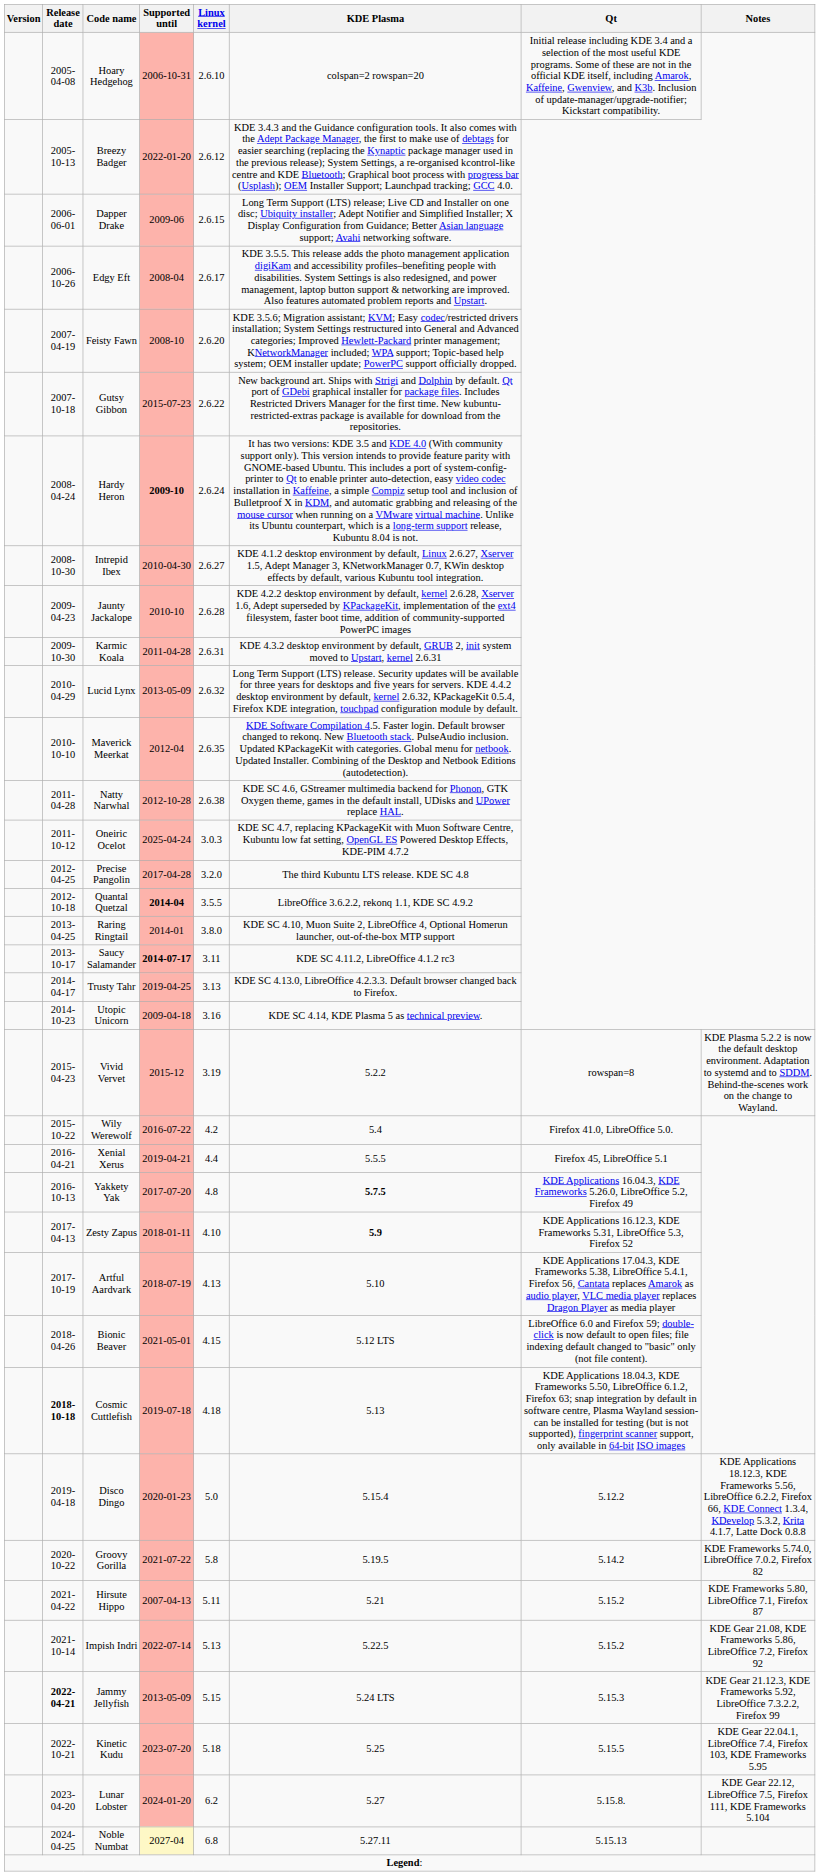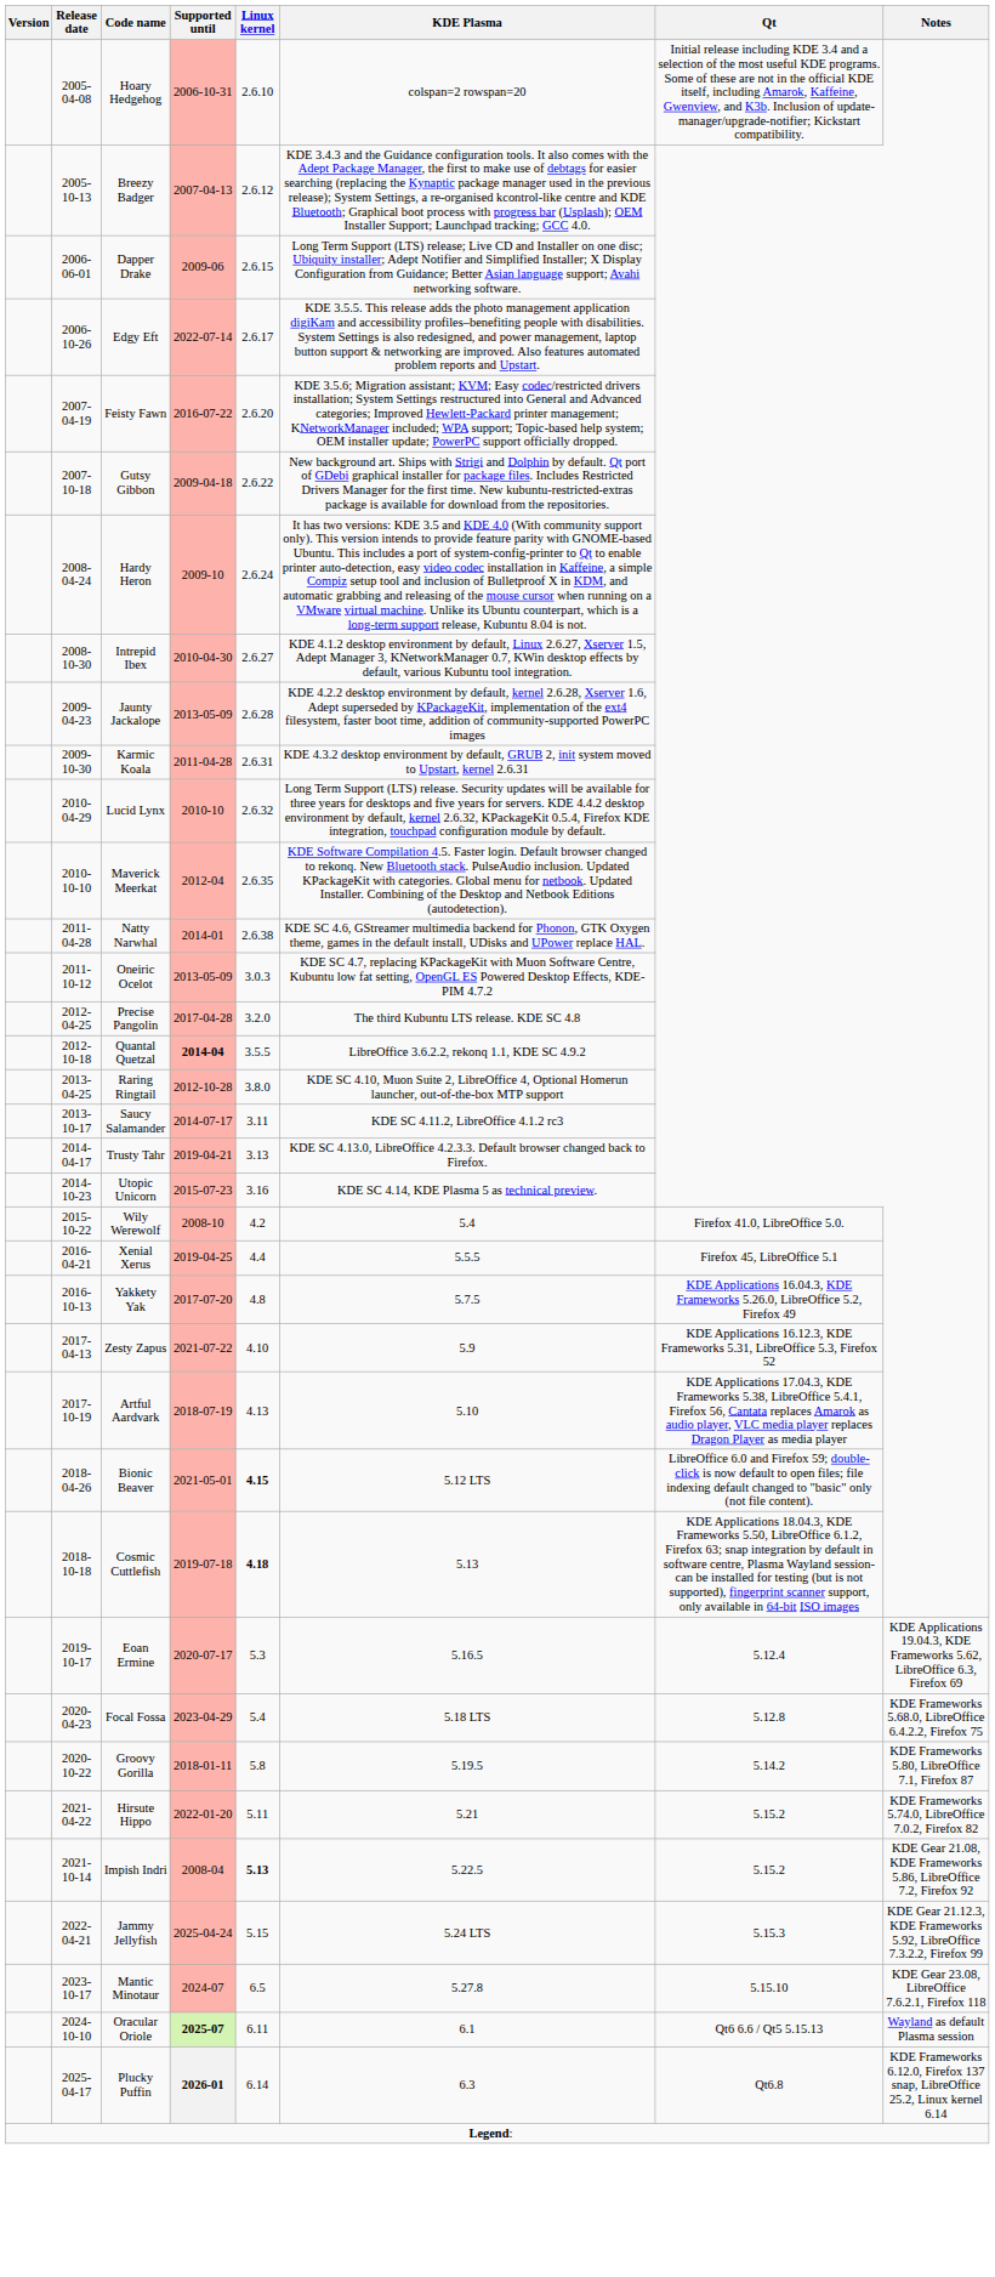 <table class=wikitable style=text-align:center>
 <tr>
 <th>Version</th>
 <th>Release date</th>
 <th>Code name</th>
 <th>Supported until</th>
 <th><a href='#'>Linux kernel</a></th>
 <th>KDE Plasma</th>
 <th>Qt</th>
 <th>Notes</th>
 </tr>
 <tr>
 <td></td>
 <td>2005-04-08</td>
 <td>Hoary Hedgehog</td>
 <td style=background:#fdb3ab>2006-10-31</td>
 <td>2.6.10</td>
 <td>colspan=2 rowspan=20 </td>
 <td>Initial release including KDE 3.4 and a selection of the most useful KDE programs. Some of these are not in the official KDE itself, including <a href='#'>Amarok</a>, <a href='#'>Kaffeine</a>, <a href='#'>Gwenview</a>, and <a href='#'>K3b</a>. Inclusion of update-manager/upgrade-notifier; Kickstart compatibility.</td>
 </tr>
 <tr>
 <td></td>
 <td>2005-10-13</td>
 <td>Breezy Badger</td>
-<td style=background:#fdb3ab>2022-01-20</td>
+<td style=background:#fdb3ab>2007-04-13</td>
 <td>2.6.12</td>
 <td>KDE 3.4.3 and the Guidance configuration tools. It also comes with the <a href='#'>Adept Package Manager</a>, the first to make use of <a href='#'>debtags</a> for easier searching (replacing the <a href='#'>Kynaptic</a> package manager used in the previous release); System Settings, a re-organised kcontrol-like centre and KDE <a href='#'>Bluetooth</a>; Graphical boot process with <a href='#'>progress bar</a> (<a href='#'>Usplash</a>); <a href='#'>OEM</a> Installer Support; Launchpad tracking; <a href='#'>GCC</a> 4.0.</td>
 </tr>
 <tr>
 <td><br></td>
 <td>2006-06-01</td>
 <td>Dapper Drake</td>
 <td style=background:#fdb3ab>2009-06</td>
 <td>2.6.15</td>
 <td>Long Term Support (LTS) release; Live CD and Installer on one disc; <a href='#'>Ubiquity installer</a>; Adept Notifier and Simplified Installer; X Display Configuration from Guidance; Better <a href='#'>Asian language</a> support; <a href='#'>Avahi</a> networking software.</td>
 </tr>
 <tr>
 <td></td>
 <td>2006-10-26</td>
 <td>Edgy Eft</td>
-<td style=background:#fdb3ab>2008-04</td>
+<td style=background:#fdb3ab>2022-07-14</td>
 <td>2.6.17</td>
 <td>KDE 3.5.5. This release adds the photo management application <a href='#'>digiKam</a> and accessibility profiles–benefiting people with disabilities. System Settings is also redesigned, and power management, laptop button support & networking are improved. Also features automated problem reports and <a href='#'>Upstart</a>.</td>
 </tr>
 <tr>
 <td><br></td>
 <td>2007-04-19</td>
 <td>Feisty Fawn</td>
-<td style=background:#fdb3ab>2008-10</td>
+<td style=background:#fdb3ab>2016-07-22</td>
 <td>2.6.20</td>
 <td>KDE 3.5.6; Migration assistant; <a href='#'>KVM</a>; Easy <a href='#'>codec</a>/restricted drivers installation; System Settings restructured into General and Advanced categories; Improved <a href='#'>Hewlett-Packard</a> printer management; K<a href='#'>NetworkManager</a> included; <a href='#'>WPA</a> support; Topic-based help system; OEM installer update; <a href='#'>PowerPC</a> support officially dropped.</td>
 </tr>
 <tr>
 <td><br></td>
 <td>2007-10-18</td>
 <td>Gutsy Gibbon</td>
-<td style=background:#fdb3ab>2015-07-23</td>
+<td style=background:#fdb3ab>2009-04-18</td>
 <td>2.6.22</td>
 <td>New background art. Ships with <a href='#'>Strigi</a> and <a href='#'>Dolphin</a> by default. <a href='#'>Qt</a> port of <a href='#'>GDebi</a> graphical installer for <a href='#'>package files</a>. Includes Restricted Drivers Manager for the first time. New kubuntu-restricted-extras package is available for download from the repositories.</td>
 </tr>
 <tr>
 <td></td>
 <td>2008-04-24</td>
 <td>Hardy Heron</td>
-<td style=background:#fdb3ab><strong>2009-10</strong></td>
+<td style=background:#fdb3ab>2009-10</td>
 <td>2.6.24</td>
 <td>It has two versions: KDE 3.5 and <a href='#'>KDE 4.0</a> (With community support only). This version intends to provide feature parity with GNOME-based Ubuntu. This includes a port of system-config-printer to <a href='#'>Qt</a> to enable printer auto-detection, easy <a href='#'>video codec</a> installation in <a href='#'>Kaffeine</a>, a simple <a href='#'>Compiz</a> setup tool and inclusion of Bulletproof X in <a href='#'>KDM</a>, and automatic grabbing and releasing of the <a href='#'>mouse cursor</a> when running on a <a href='#'>VMware</a> <a href='#'>virtual machine</a>. Unlike its Ubuntu counterpart, which is a <a href='#'>long-term support</a> release, Kubuntu 8.04 is not.</td>
 </tr>
 <tr>
 <td></td>
 <td>2008-10-30</td>
 <td>Intrepid Ibex</td>
 <td style=background:#fdb3ab>2010-04-30</td>
 <td>2.6.27</td>
 <td>KDE 4.1.2 desktop environment by default, <a href='#'>Linux</a> 2.6.27, <a href='#'>Xserver</a> 1.5, Adept Manager 3, KNetworkManager 0.7, KWin desktop effects by default, various Kubuntu tool integration.</td>
 </tr>
 <tr>
 <td></td>
 <td>2009-04-23</td>
 <td>Jaunty Jackalope</td>
-<td style=background:#fdb3ab>2010-10</td>
+<td style=background:#fdb3ab>2013-05-09</td>
 <td>2.6.28</td>
 <td>KDE 4.2.2 desktop environment by default, <a href='#'>kernel</a> 2.6.28, <a href='#'>Xserver</a> 1.6, Adept superseded by <a href='#'>KPackageKit</a>, implementation of the <a href='#'>ext4</a> filesystem, faster boot time, addition of community-supported PowerPC images</td>
 </tr>
 <tr>
 <td></td>
 <td>2009-10-30</td>
 <td>Karmic Koala</td>
 <td style=background:#fdb3ab>2011-04-28</td>
 <td>2.6.31</td>
 <td>KDE 4.3.2 desktop environment by default, <a href='#'>GRUB</a> 2, <a href='#'>init</a> system moved to <a href='#'>Upstart</a>, <a href='#'>kernel</a> 2.6.31</td>
 </tr>
 <tr>
 <td></td>
 <td>2010-04-29</td>
 <td>Lucid Lynx</td>
-<td style=background:#fdb3ab>2013-05-09</td>
+<td style=background:#fdb3ab>2010-10</td>
 <td>2.6.32</td>
 <td>Long Term Support (LTS) release. Security updates will be available for three years for desktops and five years for servers. KDE 4.4.2 desktop environment by default, <a href='#'>kernel</a> 2.6.32, KPackageKit 0.5.4, Firefox KDE integration, <a href='#'>touchpad</a> configuration module by default.</td>
 </tr>
 <tr>
 <td></td>
 <td>2010-10-10</td>
 <td>Maverick Meerkat</td>
 <td style=background:#fdb3ab>2012-04</td>
 <td>2.6.35</td>
 <td><a href='#'>KDE Software Compilation 4</a>.5. Faster login. Default browser changed to rekonq. New <a href='#'>Bluetooth stack</a>. PulseAudio inclusion. Updated KPackageKit with categories. Global menu for <a href='#'>netbook</a>. Updated Installer. Combining of the Desktop and Netbook Editions (autodetection).</td>
 </tr>
 <tr>
 <td></td>
 <td>2011-04-28</td>
 <td>Natty Narwhal</td>
-<td style=background:#fdb3ab>2012-10-28</td>
+<td style=background:#fdb3ab>2014-01</td>
 <td>2.6.38</td>
 <td>KDE SC 4.6, GStreamer multimedia backend for <a href='#'>Phonon</a>, GTK Oxygen theme, games in the default install, UDisks and <a href='#'>UPower</a> replace <a href='#'>HAL</a>.</td>
 </tr>
 <tr>
 <td></td>
 <td>2011-10-12</td>
 <td>Oneiric Ocelot</td>
-<td style=background:#fdb3ab>2025-04-24</td>
+<td style=background:#fdb3ab>2013-05-09</td>
 <td>3.0.3</td>
 <td>KDE SC 4.7, replacing KPackageKit with Muon Software Centre, Kubuntu low fat setting, <a href='#'>OpenGL ES</a> Powered Desktop Effects, KDE-PIM 4.7.2</td>
 </tr>
 <tr>
 <td></td>
 <td>2012-04-25</td>
 <td>Precise Pangolin</td>
 <td style=background:#fdb3ab>2017-04-28</td>
 <td>3.2.0</td>
 <td>The third Kubuntu LTS release. KDE SC 4.8</td>
 </tr>
 <tr>
 <td></td>
 <td>2012-10-18</td>
 <td>Quantal Quetzal</td>
 <td style=background:#fdb3ab><strong>2014-04</strong></td>
 <td>3.5.5</td>
 <td>LibreOffice 3.6.2.2, rekonq 1.1, KDE SC 4.9.2</td>
 </tr>
 <tr>
 <td><br></td>
 <td>2013-04-25</td>
 <td>Raring Ringtail</td>
-<td style=background:#fdb3ab>2014-01</td>
+<td style=background:#fdb3ab>2012-10-28</td>
 <td>3.8.0</td>
 <td>KDE SC 4.10, Muon Suite 2, LibreOffice 4, Optional Homerun launcher, out-of-the-box MTP support</td>
 </tr>
 <tr>
 <td></td>
 <td>2013-10-17</td>
 <td>Saucy Salamander</td>
-<td style=background:#fdb3ab><strong>2014-07-17</strong></td>
+<td style=background:#fdb3ab>2014-07-17</td>
 <td>3.11</td>
 <td>KDE SC 4.11.2, LibreOffice 4.1.2 rc3</td>
 </tr>
 <tr>
 <td></td>
 <td>2014-04-17</td>
 <td>Trusty Tahr</td>
-<td style=background:#fdb3ab>2019-04-25</td>
+<td style=background:#fdb3ab>2019-04-21</td>
 <td>3.13</td>
 <td>KDE SC 4.13.0, LibreOffice 4.2.3.3. Default browser changed back to Firefox.</td>
 </tr>
 <tr>
 <td></td>
 <td>2014-10-23</td>
 <td>Utopic Unicorn</td>
-<td style=background:#fdb3ab>2009-04-18</td>
+<td style=background:#fdb3ab>2015-07-23</td>
 <td>3.16</td>
 <td>KDE SC 4.14, KDE Plasma 5 as <a href='#'>technical preview</a>.</td>
 </tr>
 <tr>
 <td></td>
-<td>2015-04-23</td>
-<td>Vivid Vervet</td>
-<td style=background:#fdb3ab>2015-12</td>
-<td>3.19</td>
-<td>5.2.2</td>
-<td>rowspan=8 </td>
-<td>KDE Plasma 5.2.2 is now the default desktop environment. Adaptation to systemd and to <a href='#'>SDDM</a>. Behind-the-scenes work on the change to Wayland.</td>
-</tr>
-<tr>
-<td></td>
 <td>2015-10-22</td>
 <td>Wily Werewolf</td>
-<td style=background:#fdb3ab>2016-07-22</td>
+<td style=background:#fdb3ab>2008-10</td>
 <td>4.2</td>
 <td>5.4</td>
 <td>Firefox 41.0, LibreOffice 5.0.</td>
 </tr>
 <tr>
 <td></td>
 <td>2016-04-21</td>
 <td>Xenial Xerus</td>
-<td style=background:#fdb3ab>2019-04-21</td>
+<td style=background:#fdb3ab>2019-04-25</td>
 <td>4.4</td>
 <td>5.5.5</td>
 <td>Firefox 45, LibreOffice 5.1</td>
 </tr>
 <tr>
 <td></td>
 <td>2016-10-13</td>
 <td>Yakkety Yak</td>
 <td style=background:#fdb3ab>2017-07-20</td>
 <td>4.8</td>
-<td><strong>5.7.5</strong></td>
+<td>5.7.5</td>
 <td><a href='#'>KDE Applications</a> 16.04.3, <a href='#'>KDE Frameworks</a> 5.26.0, LibreOffice 5.2, Firefox 49</td>
 </tr>
 <tr>
 <td></td>
 <td>2017-04-13</td>
 <td>Zesty Zapus</td>
-<td style=background:#fdb3ab>2018-01-11</td>
+<td style=background:#fdb3ab>2021-07-22</td>
 <td>4.10</td>
-<td><strong>5.9</strong></td>
+<td>5.9</td>
 <td>KDE Applications 16.12.3, KDE Frameworks 5.31, LibreOffice 5.3, Firefox 52</td>
 </tr>
 <tr>
 <td></td>
 <td>2017-10-19</td>
 <td>Artful Aardvark</td>
 <td style=background:#fdb3ab>2018-07-19</td>
 <td>4.13</td>
 <td>5.10</td>
 <td>KDE Applications 17.04.3, KDE Frameworks 5.38, LibreOffice 5.4.1, Firefox 56, <a href='#'>Cantata</a> replaces <a href='#'>Amarok</a> as <a href='#'>audio player</a>, <a href='#'>VLC media player</a> replaces <a href='#'>Dragon Player</a> as media player</td>
 </tr>
 <tr>
 <td></td>
 <td>2018-04-26</td>
 <td>Bionic Beaver</td>
 <td style=background:#fdb3ab>2021-05-01</td>
-<td>4.15</td>
+<td><strong>4.15</strong></td>
 <td>5.12 LTS</td>
 <td>LibreOffice 6.0 and Firefox 59; <a href='#'>double-click</a> is now default to open files; file indexing default changed to "basic" only (not file content).</td>
 </tr>
 <tr>
 <td></td>
-<td><strong>2018-10-18</strong></td>
+<td>2018-10-18</td>
 <td>Cosmic Cuttlefish</td>
 <td style=background:#fdb3ab>2019-07-18</td>
-<td>4.18</td>
+<td><strong>4.18</strong></td>
 <td>5.13</td>
 <td>KDE Applications 18.04.3, KDE Frameworks 5.50, LibreOffice 6.1.2, Firefox 63; snap integration by default in software centre, Plasma Wayland session-can be installed for testing (but is not supported), <a href='#'>fingerprint scanner</a> support, only available in <a href='#'>64-bit</a> <a href='#'>ISO images</a></td>
 </tr>
 <tr>
 <td></td>
-<td>2019-04-18</td>
-<td>Disco Dingo</td>
-<td style=background:#fdb3ab>2020-01-23</td>
-<td>5.0</td>
-<td>5.15.4</td>
-<td>5.12.2</td>
-<td>KDE Applications 18.12.3, KDE Frameworks 5.56, LibreOffice 6.2.2, Firefox 66, <a href='#'>KDE Connect</a> 1.3.4, <a href='#'>KDevelop</a> 5.3.2, <a href='#'>Krita</a> 4.1.7, Latte Dock 0.8.8</td>
+<td>2019-10-17</td>
+<td>Eoan Ermine</td>
+<td style=background:#fdb3ab>2020-07-17</td>
+<td>5.3</td>
+<td>5.16.5</td>
+<td>5.12.4</td>
+<td>KDE Applications 19.04.3, KDE Frameworks 5.62, LibreOffice 6.3, Firefox 69</td>
+</tr>
+<tr>
+<td></td>
+<td>2020-04-23</td>
+<td>Focal Fossa</td>
+<td style=background:#fdb3ab>2023-04-29</td>
+<td>5.4</td>
+<td>5.18 LTS</td>
+<td>5.12.8</td>
+<td>KDE Frameworks 5.68.0, LibreOffice 6.4.2.2, Firefox 75</td>
 </tr>
 <tr>
 <td></td>
 <td>2020-10-22</td>
 <td>Groovy Gorilla</td>
-<td style=background:#fdb3ab>2021-07-22</td>
+<td style=background:#fdb3ab>2018-01-11</td>
 <td>5.8</td>
 <td>5.19.5</td>
 <td>5.14.2</td>
-<td>KDE Frameworks 5.74.0, LibreOffice 7.0.2, Firefox 82</td>
+<td>KDE Frameworks 5.80, LibreOffice 7.1, Firefox 87</td>
 </tr>
 <tr>
 <td></td>
 <td>2021-04-22</td>
 <td>Hirsute Hippo</td>
-<td style=background:#fdb3ab>2007-04-13</td>
+<td style=background:#fdb3ab>2022-01-20</td>
 <td>5.11</td>
 <td>5.21</td>
 <td>5.15.2</td>
-<td>KDE Frameworks 5.80, LibreOffice 7.1, Firefox 87</td>
+<td>KDE Frameworks 5.74.0, LibreOffice 7.0.2, Firefox 82</td>
 </tr>
 <tr>
 <td></td>
 <td>2021-10-14</td>
 <td>Impish Indri</td>
-<td style=background:#fdb3ab>2022-07-14</td>
-<td>5.13</td>
+<td style=background:#fdb3ab>2008-04</td>
+<td><strong>5.13</strong></td>
 <td>5.22.5</td>
 <td>5.15.2</td>
 <td>KDE Gear 21.08, KDE Frameworks 5.86, LibreOffice 7.2, Firefox 92</td>
 </tr>
 <tr>
 <td></td>
-<td><strong>2022-04-21</strong></td>
+<td>2022-04-21</td>
 <td>Jammy Jellyfish</td>
-<td style=background:#fdb3ab>2013-05-09</td>
+<td style=background:#fdb3ab>2025-04-24</td>
 <td>5.15</td>
 <td>5.24 LTS</td>
 <td>5.15.3</td>
 <td>KDE Gear 21.12.3, KDE Frameworks 5.92, LibreOffice 7.3.2.2, Firefox 99</td>
 </tr>
 <tr>
 <td></td>
-<td>2022-10-21</td>
-<td>Kinetic Kudu</td>
-<td style=background:#fdb3ab>2023-07-20</td>
-<td>5.18</td>
-<td>5.25</td>
-<td>5.15.5</td>
-<td>KDE Gear 22.04.1, LibreOffice 7.4, Firefox 103, KDE Frameworks 5.95</td>
+<td>2023-10-17</td>
+<td>Mantic Minotaur</td>
+<td style=background:#fdb3ab>2024-07</td>
+<td>6.5</td>
+<td>5.27.8</td>
+<td>5.15.10</td>
+<td>KDE Gear 23.08, LibreOffice 7.6.2.1, Firefox 118</td>
 </tr>
 <tr>
 <td></td>
-<td>2023-04-20</td>
-<td>Lunar Lobster</td>
-<td style=background:#fdb3ab>2024-01-20</td>
-<td>6.2</td>
-<td>5.27</td>
-<td>5.15.8.</td>
-<td>KDE Gear 22.12, LibreOffice 7.5, Firefox 111, KDE Frameworks 5.104</td>
+<td>2024-10-10</td>
+<td>Oracular Oriole</td>
+<th style=background:#d4f4b4>2025-07</th>
+<td>6.11</td>
+<td>6.1</td>
+<td>Qt6 6.6 / Qt5 5.15.13</td>
+<td><a href='#'>Wayland</a> as default Plasma session</td>
 </tr>
 <tr>
 <td></td>
-<td>2024-04-25</td>
-<td>Noble Numbat</td>
-<td style=background:#fef8c6>2027-04</td>
-<td>6.8</td>
-<td>5.27.11</td>
-<td>5.15.13</td>
-<td></td>
+<td>2025-04-17</td>
+<td>Plucky Puffin</td>
+<th>2026-01</th>
+<td>6.14</td>
+<td>6.3</td>
+<td>Qt6.8</td>
+<td>KDE Frameworks  6.12.0, Firefox 137 snap, LibreOffice 25.2,  Linux kernel 6.14</td>
 </tr>
 <tr>
 <td colspan=8><strong>Legend</strong>:    </td>
 </tr>
 </table>
